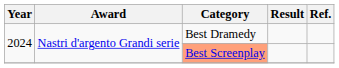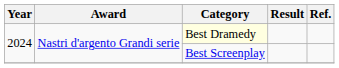 <table class="wikitable">
 <tr>
 <th>Year</th>
 <th>Award</th>
 <th>Category</th>
 <th>Result</th>
 <th>Ref.</th>
 </tr>
 <tr>
 <td rowspan="2">2024</td>
 <td rowspan="2"><a href='#'>Nastri d'argento Grandi serie</a></td>
-<td>Best Dramedy</td>
+<td style="background: lightyellow;">Best Dramedy</td>
 <td></td>
 <td></td>
 </tr>
 <tr>
-<td style="background: lightsalmon;"><a href='#'>Best Screenplay</a></td>
+<td><a href='#'>Best Screenplay</a></td>
 <td></td>
 <td></td>
 </tr>
 <tr>
 </tr>
 </table>
